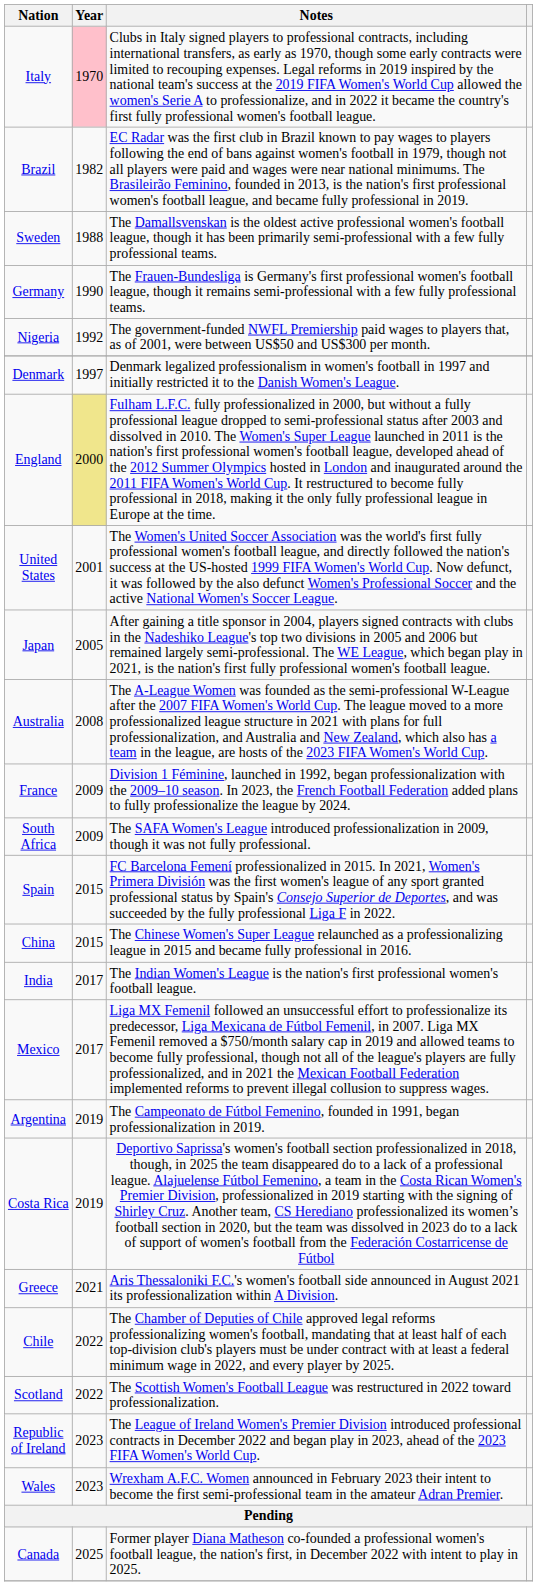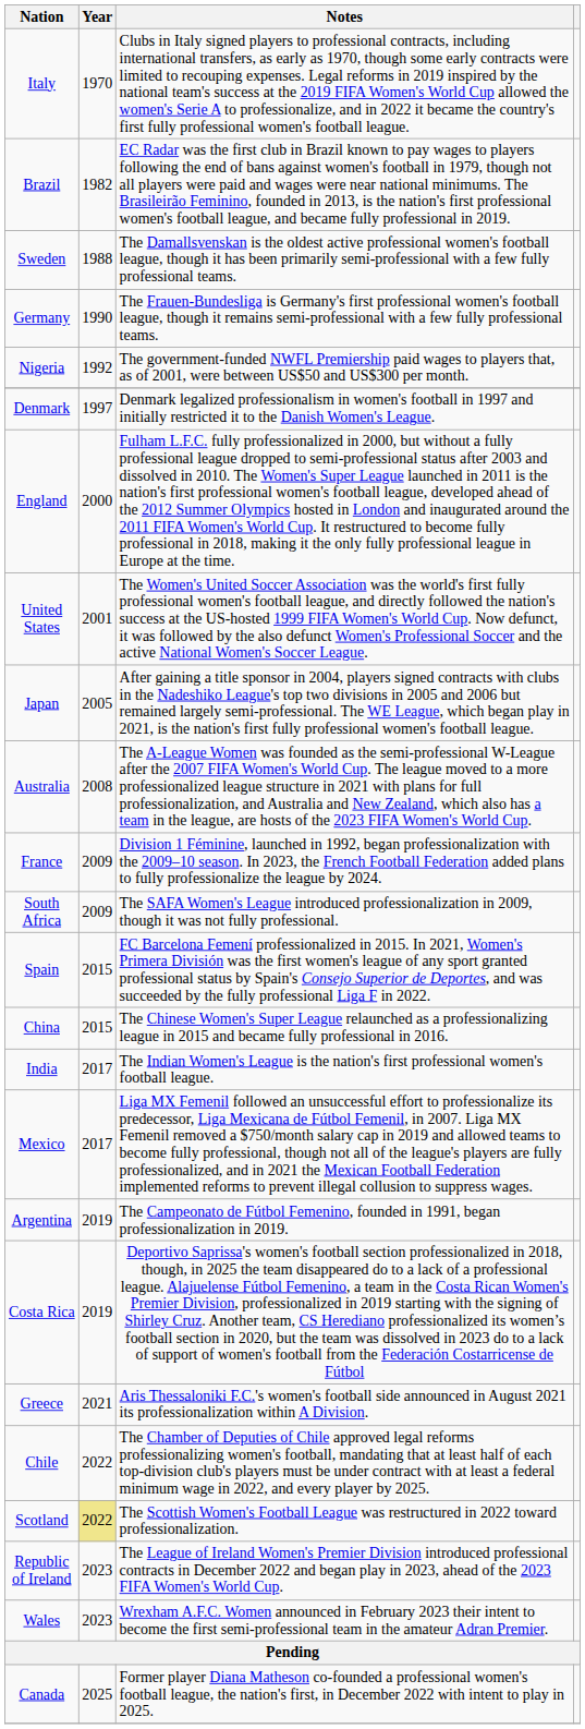 <table class="sortable wikitable" style="text-align: center;">
 <tr>
 <th>Nation</th>
 <th>Year</th>
 <th>Notes</th>
 <th></th>
 </tr>
 <tr>
 <td> <a href='#'>Italy</a></td>
-<td style="background: pink;">1970</td>
+<td>1970</td>
 <td align=left>Clubs in Italy signed players to professional contracts, including international transfers, as early as 1970, though some early contracts were limited to recouping expenses. Legal reforms in 2019 inspired by the national team's success at the <a href='#'>2019 FIFA Women's World Cup</a> allowed the <a href='#'>women's Serie A</a> to professionalize, and in 2022 it became the country's first fully professional women's football league.</td>
 <td></td>
 </tr>
 <tr>
 <td> <a href='#'>Brazil</a></td>
 <td>1982</td>
 <td align=left><a href='#'>EC Radar</a> was the first club in Brazil known to pay wages to players following the end of bans against women's football in 1979, though not all players were paid and wages were near national minimums. The <a href='#'>Brasileirão Feminino</a>, founded in 2013, is the nation's first professional women's football league, and became fully professional in 2019.</td>
 <td></td>
 </tr>
 <tr>
 <td> <a href='#'>Sweden</a></td>
 <td>1988</td>
 <td align=left>The <a href='#'>Damallsvenskan</a> is the oldest active professional women's football league, though it has been primarily semi-professional with a few fully professional teams.</td>
 <td></td>
 </tr>
 <tr>
 <td> <a href='#'>Germany</a></td>
 <td>1990</td>
 <td align=left>The <a href='#'>Frauen-Bundesliga</a> is Germany's first professional women's football league, though  it remains semi-professional with a few fully professional teams.</td>
 <td></td>
 </tr>
 <tr>
 <td> <a href='#'>Nigeria</a></td>
 <td>1992</td>
 <td align=left>The government-funded <a href='#'>NWFL Premiership</a> paid wages to players that, as of 2001, were between US$50 and US$300 per month.</td>
 <td></td>
 </tr>
 <tr>
 </tr>
 <tr>
 <td> <a href='#'>Denmark</a></td>
 <td>1997</td>
 <td align=left>Denmark legalized professionalism in women's football in 1997 and initially restricted it to the <a href='#'>Danish Women's League</a>.</td>
 <td></td>
 </tr>
 <tr>
 <td> <a href='#'>England</a></td>
-<td style="background: khaki;">2000</td>
+<td>2000</td>
 <td align=left><a href='#'>Fulham L.F.C.</a> fully professionalized in 2000, but without a fully professional league dropped to semi-professional status after 2003 and dissolved in 2010. The <a href='#'>Women's Super League</a> launched in 2011 is the nation's first professional women's football league, developed ahead of the <a href='#'>2012 Summer Olympics</a> hosted in <a href='#'>London</a> and inaugurated around the <a href='#'>2011 FIFA Women's World Cup</a>. It restructured to become fully professional in 2018, making it the only fully professional league in Europe at the time.</td>
 <td></td>
 </tr>
 <tr>
 <td> <a href='#'>United States</a></td>
 <td>2001</td>
 <td align=left>The <a href='#'>Women's United Soccer Association</a> was the world's first fully professional women's football league, and directly followed the nation's success at the US-hosted <a href='#'>1999 FIFA Women's World Cup</a>. Now defunct, it was followed by the also defunct <a href='#'>Women's Professional Soccer</a> and the active <a href='#'>National Women's Soccer League</a>.</td>
 <td></td>
 </tr>
 <tr>
 <td> <a href='#'>Japan</a></td>
 <td>2005</td>
 <td align=left>After gaining a title sponsor in 2004, players signed contracts with clubs in the <a href='#'>Nadeshiko League</a>'s top two divisions in 2005 and 2006 but remained largely semi-professional. The <a href='#'>WE League</a>, which began play in 2021, is the nation's first fully professional women's football league.</td>
 <td></td>
 </tr>
 <tr>
 <td> <a href='#'>Australia</a></td>
 <td>2008</td>
 <td align=left>The <a href='#'>A-League Women</a> was founded as the semi-professional W-League after the <a href='#'>2007 FIFA Women's World Cup</a>. The league moved to a more professionalized league structure in 2021 with plans for full professionalization, and Australia and <a href='#'>New Zealand</a>, which also has <a href='#'>a team</a> in the league, are hosts of the <a href='#'>2023 FIFA Women's World Cup</a>.</td>
 <td></td>
 </tr>
 <tr>
 <td> <a href='#'>France</a></td>
 <td>2009</td>
 <td align=left><a href='#'>Division 1 Féminine</a>, launched in 1992, began professionalization with the <a href='#'>2009–10 season</a>. In 2023, the <a href='#'>French Football Federation</a> added plans to fully professionalize the league by 2024.</td>
 <td></td>
 </tr>
 <tr>
 <td> <a href='#'>South Africa</a></td>
 <td>2009</td>
 <td align=left>The <a href='#'>SAFA Women's League</a> introduced professionalization in 2009, though  it was not fully professional.</td>
 <td></td>
 </tr>
 <tr>
 <td> <a href='#'>Spain</a></td>
 <td>2015</td>
 <td align=left><a href='#'>FC Barcelona Femení</a> professionalized in 2015. In 2021, <a href='#'>Women's Primera División</a> was the first women's league of any sport granted professional status by Spain's <em><a href='#'>Consejo Superior de Deportes</a></em>, and was succeeded by the fully professional <a href='#'>Liga F</a> in 2022.</td>
 <td></td>
 </tr>
 <tr>
 <td> <a href='#'>China</a></td>
 <td>2015</td>
 <td align=left>The <a href='#'>Chinese Women's Super League</a> relaunched as a professionalizing league in 2015 and became fully professional in 2016.</td>
 <td></td>
 </tr>
 <tr>
 <td> <a href='#'>India</a></td>
 <td>2017</td>
 <td align=left>The <a href='#'>Indian Women's League</a> is the nation's first professional women's football league.</td>
 <td></td>
 </tr>
 <tr>
 <td> <a href='#'>Mexico</a></td>
 <td>2017</td>
 <td align=left><a href='#'>Liga MX Femenil</a> followed an unsuccessful effort to professionalize its predecessor, <a href='#'>Liga Mexicana de Fútbol Femenil</a>, in 2007. Liga MX Femenil removed a $750/month salary cap in 2019 and allowed teams to become fully professional, though not all of the league's players are fully professionalized, and in 2021 the <a href='#'>Mexican Football Federation</a> implemented reforms to prevent illegal collusion to suppress wages.</td>
 <td></td>
 </tr>
 <tr>
 <td> <a href='#'>Argentina</a></td>
 <td>2019</td>
 <td align=left>The <a href='#'>Campeonato de Fútbol Femenino</a>, founded in 1991, began professionalization in 2019.</td>
 <td></td>
 </tr>
 <tr>
 <td> <a href='#'>Costa Rica</a></td>
 <td>2019</td>
 <td><a href='#'>Deportivo Saprissa</a>'s women's football section professionalized in 2018, though, in 2025 the team disappeared do to a lack of a professional league. <a href='#'>Alajuelense Fútbol Femenino</a>, a team in the <a href='#'>Costa Rican Women's Premier Division</a>, professionalized in 2019 starting with the signing of <a href='#'>Shirley Cruz</a>. Another team, <a href='#'>CS Herediano</a> professionalized its women’s football section in 2020, but the team was dissolved in 2023 do to a lack of support of women's football from the <a href='#'>Federación Costarricense de Fútbol</a></td>
 <td></td>
 </tr>
 <tr>
 <td> <a href='#'>Greece</a></td>
 <td>2021</td>
 <td align=left><a href='#'>Aris Thessaloniki F.C.</a>'s women's football side announced in August 2021 its professionalization within <a href='#'>A Division</a>.</td>
 <td></td>
 </tr>
 <tr>
 <td> <a href='#'>Chile</a></td>
 <td>2022</td>
 <td align=left>The <a href='#'>Chamber of Deputies of Chile</a> approved legal reforms professionalizing women's football, mandating that at least half of each top-division club's players must be under contract with at least a federal minimum wage in 2022, and every player by 2025.</td>
 <td></td>
 </tr>
 <tr>
 <td> <a href='#'>Scotland</a></td>
-<td>2022</td>
+<td style="background: khaki;">2022</td>
 <td align=left>The <a href='#'>Scottish Women's Football League</a> was restructured in 2022 toward professionalization.</td>
 <td></td>
 </tr>
 <tr>
 <td> <a href='#'>Republic of Ireland</a></td>
 <td>2023</td>
 <td align=left>The <a href='#'>League of Ireland Women's Premier Division</a> introduced professional contracts in December 2022 and began play in 2023, ahead of the <a href='#'>2023 FIFA Women's World Cup</a>.</td>
 <td></td>
 </tr>
 <tr>
 <td> <a href='#'>Wales</a></td>
 <td>2023</td>
 <td align=left><a href='#'>Wrexham A.F.C. Women</a> announced in February 2023 their intent to become the first semi-professional team in the amateur <a href='#'>Adran Premier</a>.</td>
 <td></td>
 </tr>
 <tr>
 <th colspan=4>Pending</th>
 </tr>
 <tr>
 <td> <a href='#'>Canada</a></td>
 <td>2025</td>
 <td align=left>Former player <a href='#'>Diana Matheson</a> co-founded a professional women's football league, the nation's first, in December 2022 with intent to play in 2025.</td>
 <td></td>
 </tr>
 <tr>
 </tr>
 </table>
